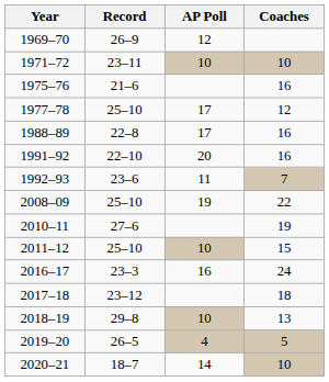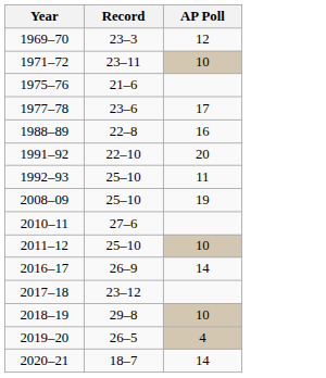 <table class="wikitable" style="font-size: 90%; text-align:center">
 <tr>
 <th width=75;>Year</th>
 <th width=75;>Record</th>
 <th width=75;>AP Poll</th>
-<th width=75;>Coaches</th>
 </tr>
 <tr>
 <td>1969–70</td>
-<td>26–9</td>
+<td>23–3</td>
 <td>12</td>
-<td> </td>
 </tr>
 <tr>
 <td>1971–72</td>
 <td>23–11</td>
-<td style="background:#d4c7b1;">10</td>
 <td style="background:#d4c7b1;">10</td>
 </tr>
 <tr>
 <td>1975–76</td>
 <td>21–6</td>
 <td> </td>
-<td>16</td>
 </tr>
 <tr>
 <td>1977–78</td>
-<td>25–10</td>
+<td>23–6</td>
 <td>17</td>
-<td>12</td>
 </tr>
 <tr>
 <td>1988–89</td>
 <td>22–8</td>
-<td>17</td>
 <td>16</td>
 </tr>
 <tr>
 <td>1991–92</td>
 <td>22–10</td>
 <td>20</td>
-<td>16</td>
 </tr>
 <tr>
 <td>1992–93</td>
-<td>23–6</td>
+<td>25–10</td>
 <td>11</td>
-<td style="background:#d4c7b1;">7</td>
 </tr>
 <tr>
 <td>2008–09</td>
 <td>25–10</td>
 <td>19</td>
-<td>22</td>
 </tr>
 <tr>
 <td>2010–11</td>
 <td>27–6</td>
 <td> </td>
-<td>19</td>
 </tr>
 <tr>
 <td>2011–12</td>
 <td>25–10</td>
 <td style="background:#d4c7b1;">10</td>
-<td>15</td>
 </tr>
 <tr>
 <td>2016–17</td>
-<td>23–3</td>
-<td>16</td>
-<td>24</td>
+<td>26–9</td>
+<td>14</td>
 </tr>
 <tr>
 <td>2017–18</td>
 <td>23–12</td>
 <td></td>
-<td>18</td>
 </tr>
 <tr>
 <td>2018–19</td>
 <td>29–8</td>
 <td style="background:#d4c7b1;">10</td>
-<td>13</td>
 </tr>
 <tr>
 <td>2019–20</td>
 <td>26–5</td>
 <td style="background:#d4c7b1;">4</td>
-<td style="background:#d4c7b1;">5</td>
 </tr>
 <tr>
 <td>2020–21</td>
 <td>18–7</td>
 <td>14</td>
-<td style="background:#d4c7b1;">10</td>
 </tr>
 </table>
